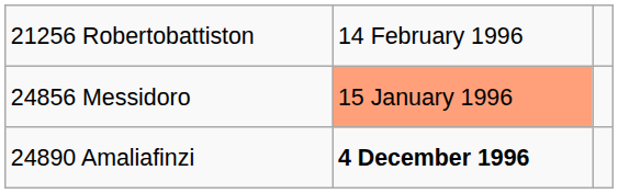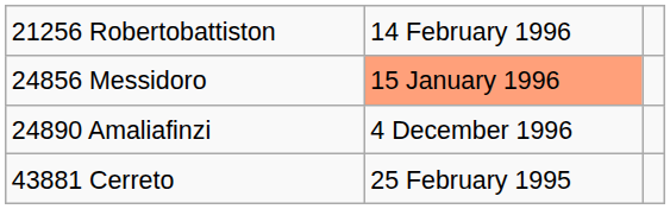 <table class="wikitable" style="font-size: 89%; float: left; width: 26em; margin-right: 1em; height: 112px;">
 <tr>
 <td>21256 Robertobattiston</td>
 <td>14 February 1996</td>
 <td> </td>
 </tr>
 <tr>
 <td>24856 Messidoro</td>
 <td style="background: lightsalmon;">15 January 1996</td>
 <td> </td>
 </tr>
 <tr>
 <td>24890 Amaliafinzi</td>
-<td><strong>4 December 1996</strong></td>
+<td>4 December 1996</td>
+<td> </td>
+</tr>
+<tr>
+<td>43881 Cerreto</td>
+<td>25 February 1995</td>
 <td> </td>
 </tr>
 </table>
